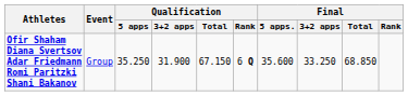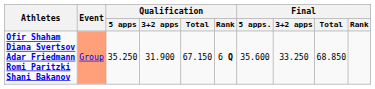 <table class="wikitable" style="text-align:center; font-size:90%">
 <tr>
 <th rowspan="2">Athletes</th>
 <th rowspan="2">Event</th>
 <th colspan="4">Qualification</th>
 <th colspan="4">Final</th>
 </tr>
 <tr style="font-size:95%">
 <th>5 apps</th>
 <th>3+2 apps</th>
 <th>Total</th>
 <th>Rank</th>
 <th>5 apps.</th>
 <th>3+2 apps</th>
 <th>Total</th>
 <th>Rank</th>
 </tr>
 <tr>
 <td align=left><strong><a href='#'>Ofir Shaham</a></strong><br><strong><a href='#'>Diana Svertsov</a></strong><br><strong><a href='#'>Adar Friedmann</a></strong><br><strong><a href='#'>Romi Paritzki</a></strong><br><strong><a href='#'>Shani Bakanov</a></strong></td>
-<td align=left><a href='#'>Group</a></td>
+<td align=left style="background: lightsalmon;"><a href='#'>Group</a></td>
 <td>35.250</td>
 <td>31.900</td>
 <td>67.150</td>
 <td>6 <strong>Q</strong></td>
 <td>35.600</td>
 <td>33.250</td>
 <td>68.850</td>
 <td></td>
 </tr>
 </table>
